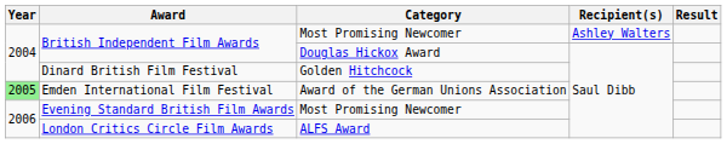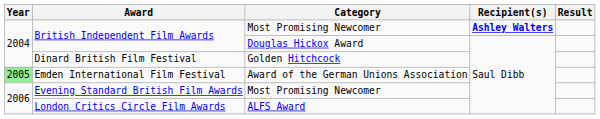 <table class="wikitable sortable">
 <tr>
 <th>Year</th>
 <th>Award</th>
 <th>Category</th>
 <th>Recipient(s)</th>
 <th>Result</th>
 </tr>
 <tr>
 <td rowspan="3">2004</td>
 <td rowspan="2"><a href='#'>British Independent Film Awards</a></td>
 <td>Most Promising Newcomer</td>
-<td><a href='#'>Ashley Walters</a></td>
+<td><strong><a href='#'>Ashley Walters</a></strong></td>
 <td></td>
 </tr>
 <tr>
 <td><a href='#'>Douglas Hickox</a> Award</td>
 <td rowspan="5">Saul Dibb</td>
 <td></td>
 </tr>
 <tr>
 <td>Dinard British Film Festival</td>
 <td>Golden <a href='#'>Hitchcock</a></td>
 <td></td>
 </tr>
 <tr>
 <td rowspan="1" style="background: lightgreen;">2005</td>
 <td>Emden International Film Festival</td>
 <td>Award of the German Unions Association</td>
 <td></td>
 </tr>
 <tr>
 <td rowspan="2">2006</td>
 <td><a href='#'>Evening Standard British Film Awards</a></td>
 <td>Most Promising Newcomer</td>
 <td></td>
 </tr>
 <tr>
 <td><a href='#'>London Critics Circle Film Awards</a></td>
 <td><a href='#'>ALFS Award</a></td>
 <td></td>
 </tr>
 </table>
